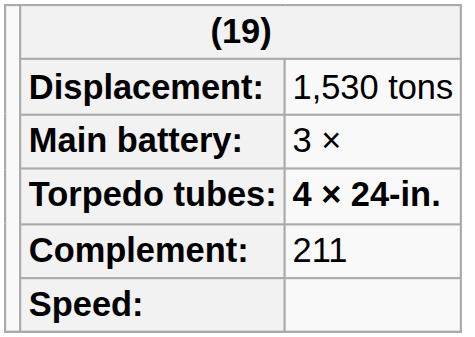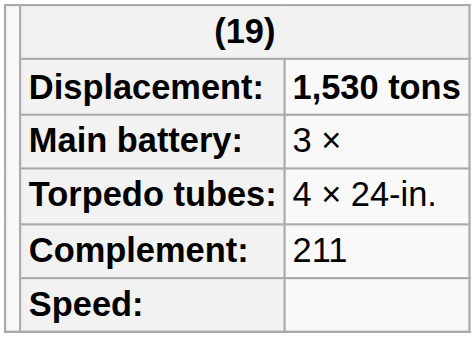 <table class="wikitable plainrowheaders" style="text-align:left">
 <tr valign="bottom">
 <td rowspan=6 style="text-align:center"></td>
 <th colspan=2 style="text-align:center"> (19)</th>
 </tr>
 <tr>
 <th style="text-align:left">Displacement:</th>
-<td>1,530 tons</td>
+<td><strong>1,530 tons</strong></td>
 </tr>
 <tr>
 <th style="text-align:left">Main battery:</th>
 <td>3 × </td>
 </tr>
 <tr>
 <th style="text-align:left">Torpedo tubes:</th>
-<td><strong>4 × 24‑in.</strong></td>
+<td>4 × 24‑in.</td>
 </tr>
 <tr>
 <th style="text-align:left">Complement:</th>
 <td>211</td>
 </tr>
 <tr>
 <th style="text-align:left">Speed:</th>
 <td></td>
 </tr>
 <tr>
 </tr>
 </table>
